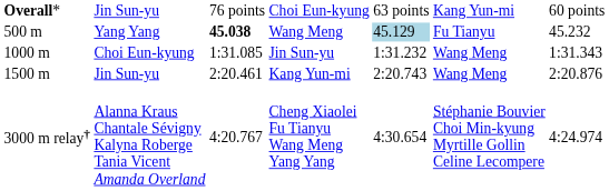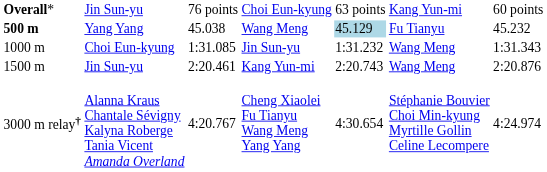 <table>
 <tr>
 <td><strong>Overall</strong>*</td>
 <td><a href='#'>Jin Sun-yu</a><br></td>
 <td>76 points</td>
 <td><a href='#'>Choi Eun-kyung</a><br></td>
 <td>63 points</td>
 <td><a href='#'>Kang Yun-mi</a><br></td>
 <td>60 points</td>
 </tr>
 <tr>
-<td>500 m</td>
+<td><strong>500 m</strong></td>
 <td><a href='#'>Yang Yang</a><br></td>
-<td><strong>45.038</strong></td>
+<td>45.038</td>
 <td><a href='#'>Wang Meng</a><br></td>
 <td style="background: lightblue;">45.129</td>
 <td><a href='#'>Fu Tianyu</a><br></td>
 <td>45.232</td>
 </tr>
 <tr>
 <td>1000 m</td>
 <td><a href='#'>Choi Eun-kyung</a><br></td>
 <td>1:31.085</td>
 <td><a href='#'>Jin Sun-yu</a><br></td>
 <td>1:31.232</td>
 <td><a href='#'>Wang Meng</a><br></td>
 <td>1:31.343</td>
 </tr>
 <tr>
 <td>1500 m</td>
 <td><a href='#'>Jin Sun-yu</a><br></td>
 <td>2:20.461</td>
 <td><a href='#'>Kang Yun-mi</a><br></td>
 <td>2:20.743</td>
 <td><a href='#'>Wang Meng</a><br></td>
 <td>2:20.876</td>
 </tr>
 <tr>
 <td>3000 m relay<span><strong><sup>†</sup></strong></span></td>
 <td valign=top><br><a href='#'>Alanna Kraus</a><br><a href='#'>Chantale Sévigny</a><br><a href='#'>Kalyna Roberge</a><br><a href='#'>Tania Vicent</a><br><em><a href='#'>Amanda Overland</a></em></td>
 <td>4:20.767</td>
 <td valign=top><br><a href='#'>Cheng Xiaolei</a><br><a href='#'>Fu Tianyu</a><br><a href='#'>Wang Meng</a><br><a href='#'>Yang Yang</a></td>
 <td>4:30.654</td>
 <td valign=top><br><a href='#'>Stéphanie Bouvier</a><br> <a href='#'>Choi Min-kyung</a><br><a href='#'>Myrtille Gollin</a><br><a href='#'>Celine Lecompere</a></td>
 <td>4:24.974</td>
 </tr>
 </table>
